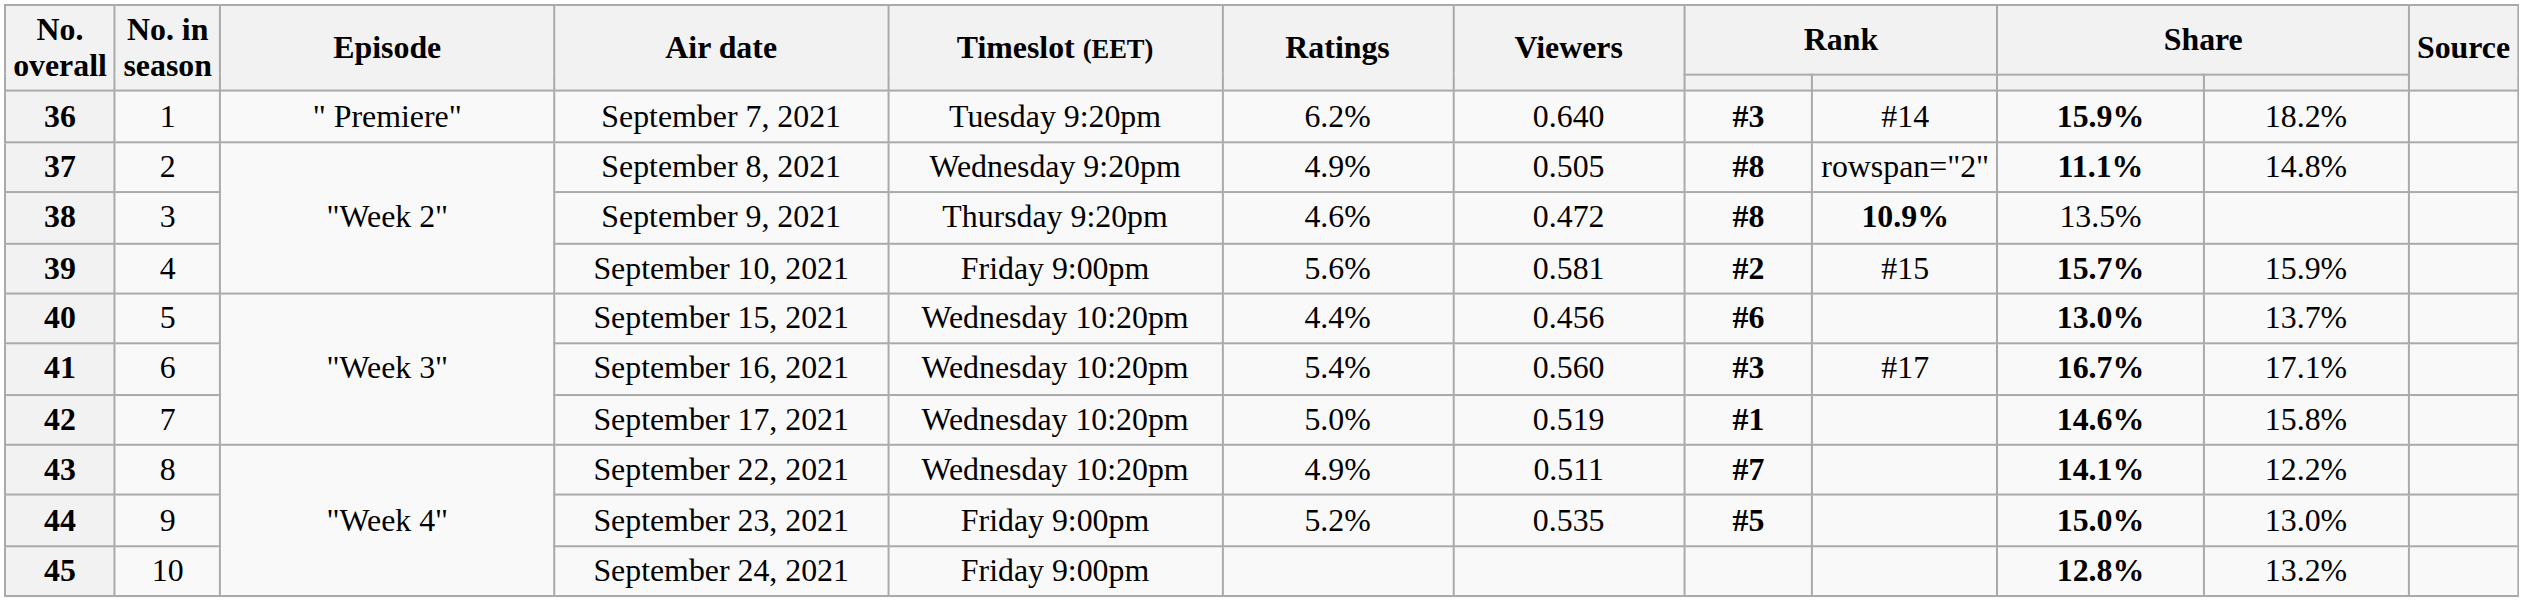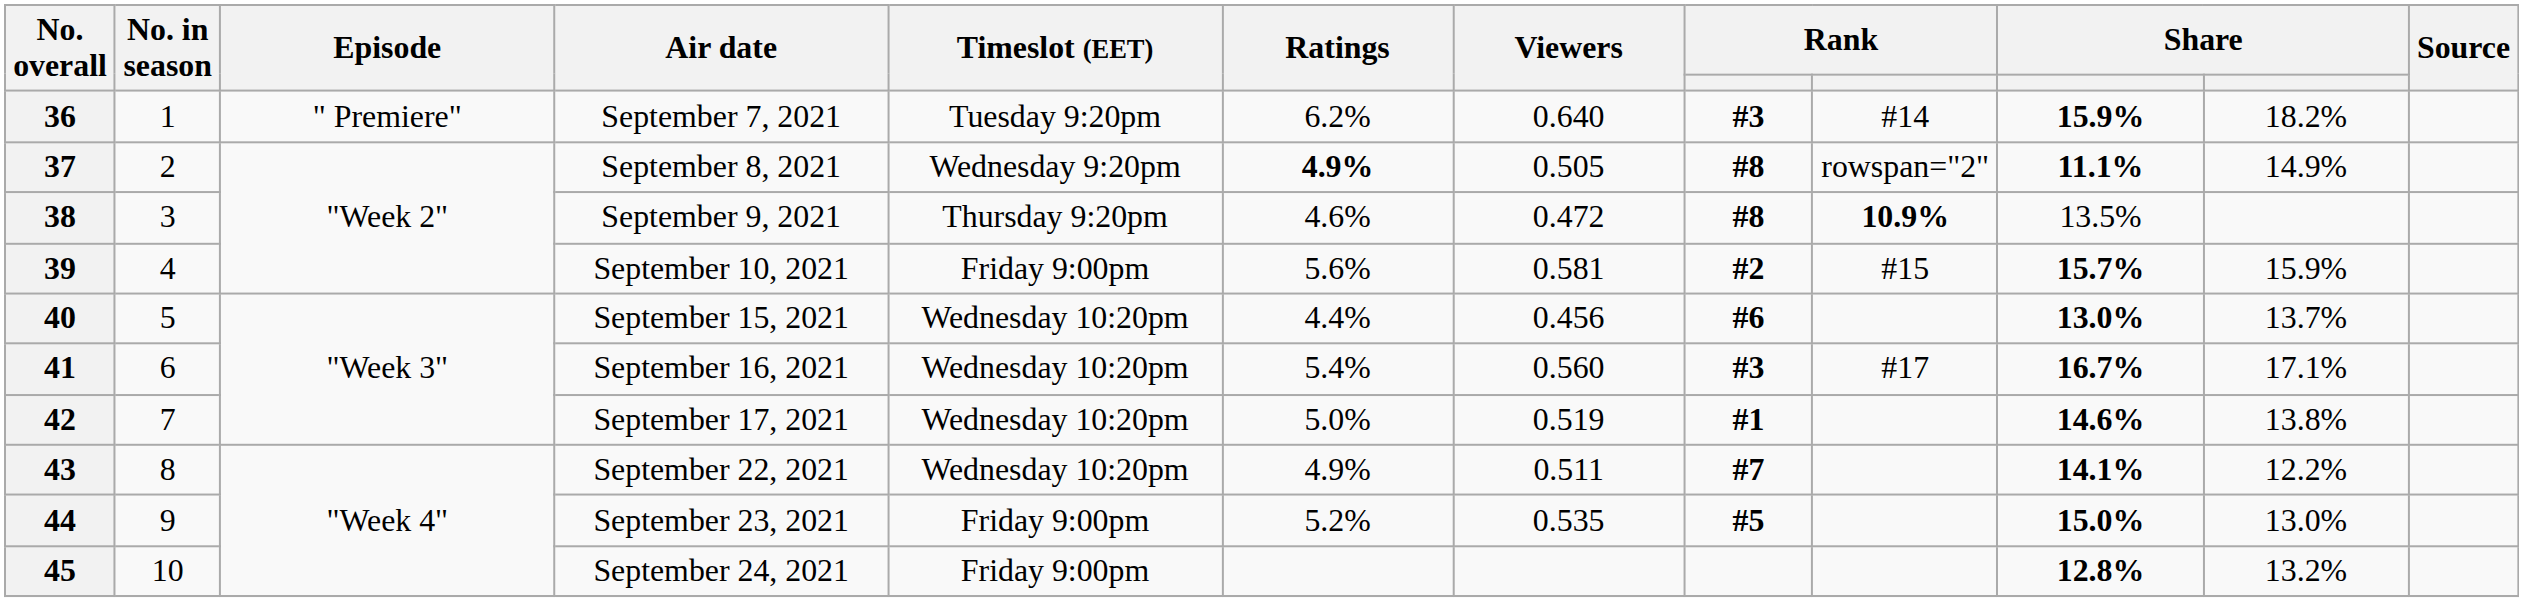 <table style="font-size:100%; text-align:center; width: 100%; margin-left: auto; margin-right: auto;" class="wikitable">
 <tr>
 <th rowspan="2" width="03%">No.<br>overall</th>
 <th rowspan="2" width="04%">No. in<br>season</th>
 <th rowspan="2" width="13%">Episode</th>
 <th rowspan="2" width="13%">Air date</th>
 <th rowspan="2" width="13%">Timeslot <small>(EET)</small></th>
 <th rowspan="2" width="09%">Ratings</th>
 <th rowspan="2" width="09%">Viewers<br><small></small></th>
 <th colspan="2" width="10%">Rank</th>
 <th colspan="2" width="20%">Share</th>
 <th rowspan="2" width="03%">Source</th>
 </tr>
 <tr style="font-size:85%;">
 <th width="05%"></th>
 <th width="05%"></th>
 <th width="08%"></th>
 <th width="08%"></th>
 </tr>
 <tr>
 <th>36</th>
 <td>1</td>
 <td>" Premiere"</td>
 <td>September 7, 2021</td>
 <td>Tuesday 9:20pm</td>
 <td>6.2%</td>
 <td>0.640</td>
 <td><strong>#3</strong></td>
 <td>#14</td>
 <td><strong>15.9%</strong></td>
 <td>18.2%</td>
 <td></td>
 </tr>
 <tr>
 <th>37</th>
 <td>2</td>
 <td rowspan="3">"Week 2"</td>
 <td>September 8, 2021</td>
 <td>Wednesday 9:20pm</td>
-<td>4.9%</td>
+<td><strong>4.9%</strong></td>
 <td>0.505</td>
 <td><strong>#8</strong></td>
 <td>rowspan="2" </td>
 <td><strong>11.1%</strong></td>
-<td>14.8%</td>
+<td>14.9%</td>
 <td></td>
 </tr>
 <tr>
 <th>38</th>
 <td>3</td>
 <td>September 9, 2021</td>
 <td>Thursday 9:20pm</td>
 <td>4.6%</td>
 <td>0.472</td>
 <td><strong>#8</strong></td>
 <td><strong>10.9%</strong></td>
 <td>13.5%</td>
 <td></td>
 </tr>
 <tr>
 <th>39</th>
 <td>4</td>
 <td>September 10, 2021</td>
 <td>Friday 9:00pm</td>
 <td>5.6%</td>
 <td>0.581</td>
 <td><strong>#2</strong></td>
 <td>#15</td>
 <td><strong>15.7%</strong></td>
 <td>15.9%</td>
 <td></td>
 </tr>
 <tr>
 <th>40</th>
 <td>5</td>
 <td rowspan="3">"Week 3"</td>
 <td>September 15, 2021</td>
 <td>Wednesday 10:20pm</td>
 <td>4.4%</td>
 <td>0.456</td>
 <td><strong>#6</strong></td>
 <td></td>
 <td><strong>13.0%</strong></td>
 <td>13.7%</td>
 <td></td>
 </tr>
 <tr>
 <th>41</th>
 <td>6</td>
 <td>September 16, 2021</td>
 <td>Wednesday 10:20pm</td>
 <td>5.4%</td>
 <td>0.560</td>
 <td><strong>#3</strong></td>
 <td>#17</td>
 <td><strong>16.7%</strong></td>
 <td>17.1%</td>
 <td></td>
 </tr>
 <tr>
 <th>42</th>
 <td>7</td>
 <td>September 17, 2021</td>
 <td>Wednesday 10:20pm</td>
 <td>5.0%</td>
 <td>0.519</td>
 <td><strong>#1</strong></td>
 <td></td>
 <td><strong>14.6%</strong></td>
-<td>15.8%</td>
+<td>13.8%</td>
 <td></td>
 </tr>
 <tr>
 <th>43</th>
 <td>8</td>
 <td rowspan="3">"Week 4"</td>
 <td>September 22, 2021</td>
 <td>Wednesday 10:20pm</td>
 <td>4.9%</td>
 <td>0.511</td>
 <td><strong>#7</strong></td>
 <td></td>
 <td><strong>14.1%</strong></td>
 <td>12.2%</td>
 <td></td>
 </tr>
 <tr>
 <th>44</th>
 <td>9</td>
 <td>September 23, 2021</td>
 <td>Friday 9:00pm</td>
 <td>5.2%</td>
 <td>0.535</td>
 <td><strong>#5</strong></td>
 <td></td>
 <td><strong>15.0%</strong></td>
 <td>13.0%</td>
 <td></td>
 </tr>
 <tr>
 <th>45</th>
 <td>10</td>
 <td>September 24, 2021</td>
 <td>Friday 9:00pm</td>
 <td></td>
 <td></td>
 <td></td>
 <td></td>
 <td><strong>12.8%</strong></td>
 <td>13.2%</td>
 <td></td>
 </tr>
 <tr>
 </tr>
 </table>
